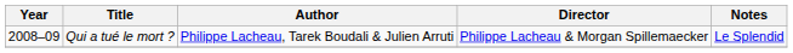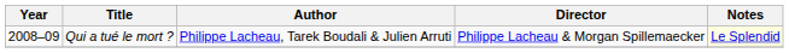 <table class="wikitable">
 <tr>
 <th>Year</th>
 <th>Title</th>
 <th>Author</th>
 <th>Director</th>
 <th>Notes</th>
 </tr>
 <tr>
 <td>2008–09</td>
 <td><em>Qui a tué le mort ?</em></td>
 <td><a href='#'>Philippe Lacheau</a>, Tarek Boudali & Julien Arruti</td>
 <td><a href='#'>Philippe Lacheau</a> & Morgan Spillemaecker</td>
-<td><a href='#'>Le Splendid</a></td>
+<td style="background: lightyellow;"><a href='#'>Le Splendid</a></td>
 </tr>
 <tr>
 </tr>
 </table>
